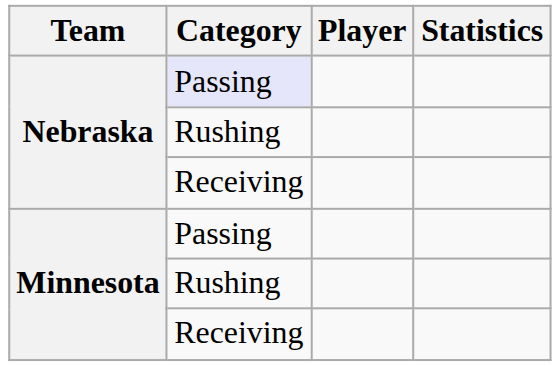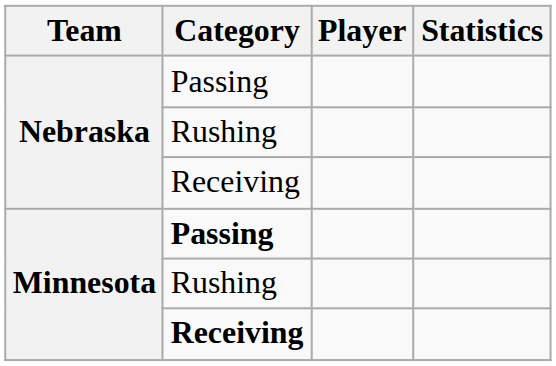 <table class="wikitable" style="float:right">
 <tr>
 <th>Team</th>
 <th>Category</th>
 <th>Player</th>
 <th>Statistics</th>
 </tr>
 <tr>
 <th rowspan=3>Nebraska</th>
-<td style="background: lavender;">Passing</td>
+<td>Passing</td>
 <td></td>
 <td></td>
 </tr>
 <tr>
 <td>Rushing</td>
 <td></td>
 <td></td>
 </tr>
 <tr>
 <td>Receiving</td>
 <td></td>
 <td></td>
 </tr>
 <tr>
 <th rowspan=3>Minnesota</th>
-<td>Passing</td>
+<td><strong>Passing</strong></td>
 <td></td>
 <td></td>
 </tr>
 <tr>
 <td>Rushing</td>
 <td></td>
 <td></td>
 </tr>
 <tr>
-<td>Receiving</td>
+<td><strong>Receiving</strong></td>
 <td></td>
 <td></td>
 </tr>
 </table>
